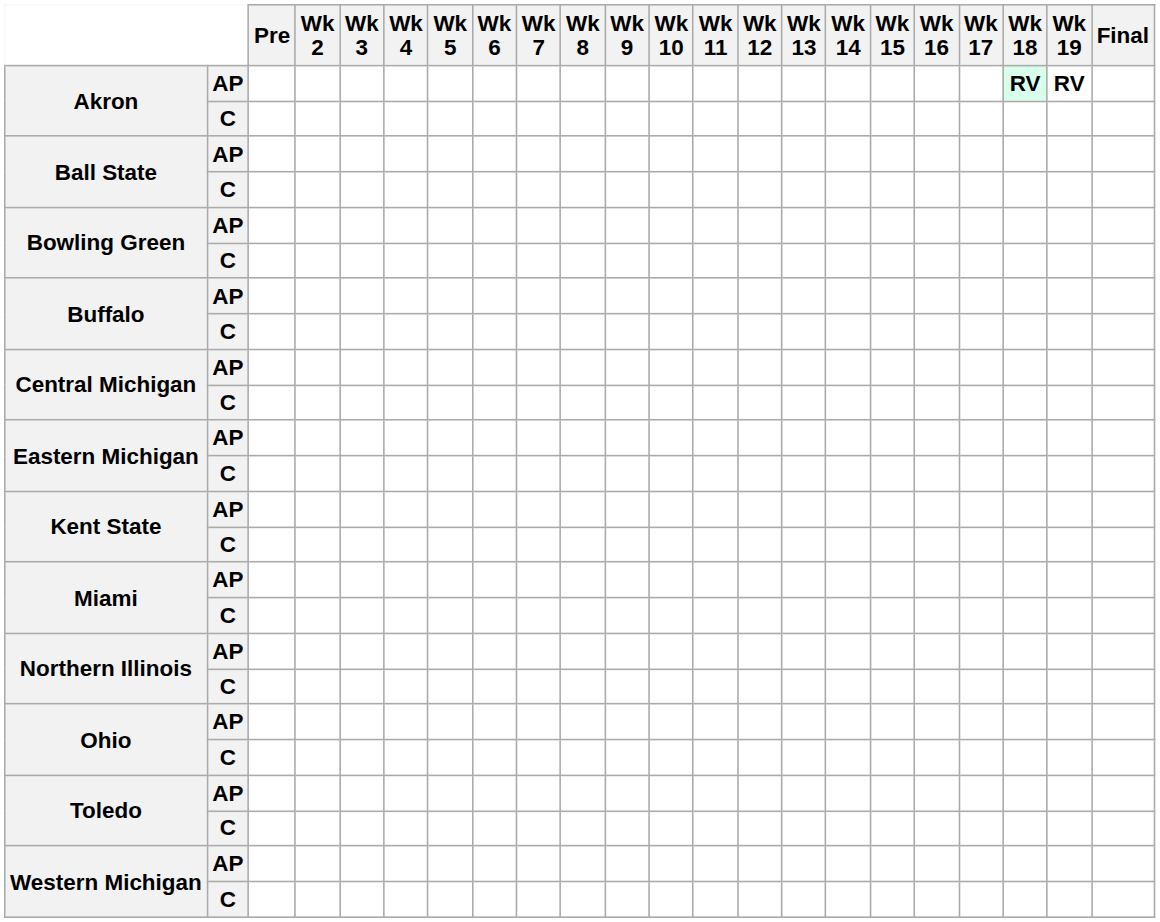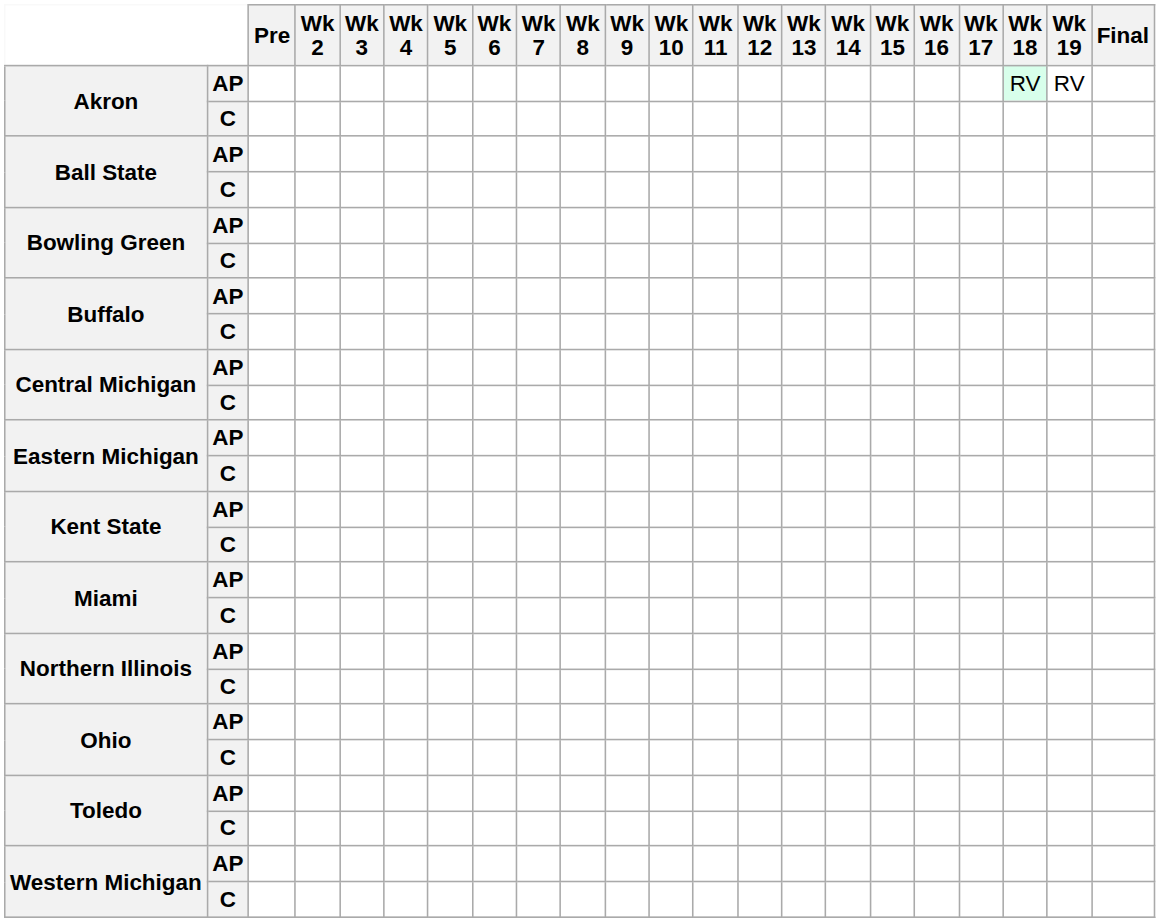 <table class="wikitable" style="white-space:nowrap;font-size:90%;">
 <tr>
 <th colspan=2 style="background:white; border-top-style:hidden; border-left-style:hidden;"> </th>
 <th>Pre</th>
 <th>Wk<br>2</th>
 <th>Wk<br>3</th>
 <th>Wk<br>4</th>
 <th>Wk<br>5</th>
 <th>Wk<br>6</th>
 <th>Wk<br>7</th>
 <th>Wk<br>8</th>
 <th>Wk<br>9</th>
 <th>Wk<br>10</th>
 <th>Wk<br>11</th>
 <th>Wk<br>12</th>
 <th>Wk<br>13</th>
 <th>Wk<br>14</th>
 <th>Wk<br>15</th>
 <th>Wk<br>16</th>
 <th>Wk<br>17</th>
 <th>Wk<br>18</th>
 <th>Wk<br>19</th>
 <th>Final</th>
 </tr>
 <tr style="text-align:center;">
 <th rowspan="2">Akron</th>
 <th>AP</th>
 <td style="background:#FFF;"></td>
 <td style="background:#FFF;"></td>
 <td style="background:#FFF;"></td>
 <td style="background:#FFF;"></td>
 <td style="background:#FFF;"></td>
 <td style="background:#FFF;"></td>
 <td style="background:#FFF;"></td>
 <td style="background:#FFF;"></td>
 <td style="background:#FFF;"></td>
 <td style="background:#FFF;"></td>
 <td style="background:#FFF;"></td>
 <td style="background:#FFF;"></td>
 <td style="background:#FFF;"></td>
 <td style="background:#FFF;"></td>
 <td style="background:#FFF;"></td>
 <td style="background:#FFF;"></td>
 <td style="background:#FFF;"></td>
-<td style="background:#d8ffeb;"><strong>RV</strong></td>
-<td style="background:#FFF;"><strong>RV</strong></td>
+<td style="background:#d8ffeb;">RV</td>
+<td style="background:#FFF;">RV</td>
 <td style="background:#FFF;"></td>
 </tr>
 <tr style="text-align:center;">
 <th>C</th>
 <td style="background:#FFF;"></td>
 <td style="background:#FFF;"></td>
 <td style="background:#FFF;"></td>
 <td style="background:#FFF;"></td>
 <td style="background:#FFF;"></td>
 <td style="background:#FFF;"></td>
 <td style="background:#FFF;"></td>
 <td style="background:#FFF;"></td>
 <td style="background:#FFF;"></td>
 <td style="background:#FFF;"></td>
 <td style="background:#FFF;"></td>
 <td style="background:#FFF;"></td>
 <td style="background:#FFF;"></td>
 <td style="background:#FFF;"></td>
 <td style="background:#FFF;"></td>
 <td style="background:#FFF;"></td>
 <td style="background:#FFF;"></td>
 <td style="background:#FFF;"></td>
 <td style="background:#FFF;"></td>
 <td style="background:#FFF;"></td>
 </tr>
 <tr style="text-align:center;">
 <th rowspan="2">Ball State</th>
 <th>AP</th>
 <td style="background:#FFF;"></td>
 <td style="background:#FFF;"></td>
 <td style="background:#FFF;"></td>
 <td style="background:#FFF;"></td>
 <td style="background:#FFF;"></td>
 <td style="background:#FFF;"></td>
 <td style="background:#FFF;"></td>
 <td style="background:#FFF;"></td>
 <td style="background:#FFF;"></td>
 <td style="background:#FFF;"></td>
 <td style="background:#FFF;"></td>
 <td style="background:#FFF;"></td>
 <td style="background:#FFF;"></td>
 <td style="background:#FFF;"></td>
 <td style="background:#FFF;"></td>
 <td style="background:#FFF;"></td>
 <td style="background:#FFF;"></td>
 <td style="background:#FFF;"></td>
 <td style="background:#FFF;"></td>
 <td style="background:#FFF;"></td>
 </tr>
 <tr style="text-align:center;">
 <th>C</th>
 <td style="background:#FFF;"></td>
 <td style="background:#FFF;"></td>
 <td style="background:#FFF;"></td>
 <td style="background:#FFF;"></td>
 <td style="background:#FFF;"></td>
 <td style="background:#FFF;"></td>
 <td style="background:#FFF;"></td>
 <td style="background:#FFF;"></td>
 <td style="background:#FFF;"></td>
 <td style="background:#FFF;"></td>
 <td style="background:#FFF;"></td>
 <td style="background:#FFF;"></td>
 <td style="background:#FFF;"></td>
 <td style="background:#FFF;"></td>
 <td style="background:#FFF;"></td>
 <td style="background:#FFF;"></td>
 <td style="background:#FFF;"></td>
 <td style="background:#FFF;"></td>
 <td style="background:#FFF;"></td>
 <td style="background:#FFF;"></td>
 </tr>
 <tr style="text-align:center;">
 <th rowspan="2">Bowling Green</th>
 <th>AP</th>
 <td style="background:#FFF;"></td>
 <td style="background:#FFF;"></td>
 <td style="background:#FFF;"></td>
 <td style="background:#FFF;"></td>
 <td style="background:#FFF;"></td>
 <td style="background:#FFF;"></td>
 <td style="background:#FFF;"></td>
 <td style="background:#FFF;"></td>
 <td style="background:#FFF;"></td>
 <td style="background:#FFF;"></td>
 <td style="background:#FFF;"></td>
 <td style="background:#FFF;"></td>
 <td style="background:#FFF;"></td>
 <td style="background:#FFF;"></td>
 <td style="background:#FFF;"></td>
 <td style="background:#FFF;"></td>
 <td style="background:#FFF;"></td>
 <td style="background:#FFF;"></td>
 <td style="background:#FFF;"></td>
 <td style="background:#FFF;"></td>
 </tr>
 <tr style="text-align:center;">
 <th>C</th>
 <td style="background:#FFF;"></td>
 <td style="background:#FFF;"></td>
 <td style="background:#FFF;"></td>
 <td style="background:#FFF;"></td>
 <td style="background:#FFF;"></td>
 <td style="background:#FFF;"></td>
 <td style="background:#FFF;"></td>
 <td style="background:#FFF;"></td>
 <td style="background:#FFF;"></td>
 <td style="background:#FFF;"></td>
 <td style="background:#FFF;"></td>
 <td style="background:#FFF;"></td>
 <td style="background:#FFF;"></td>
 <td style="background:#FFF;"></td>
 <td style="background:#FFF;"></td>
 <td style="background:#FFF;"></td>
 <td style="background:#FFF;"></td>
 <td style="background:#FFF;"></td>
 <td style="background:#FFF;"></td>
 <td style="background:#FFF;"></td>
 </tr>
 <tr style="text-align:center;">
 <th rowspan="2">Buffalo</th>
 <th>AP</th>
 <td style="background:#FFF;"></td>
 <td style="background:#FFF;"></td>
 <td style="background:#FFF;"></td>
 <td style="background:#FFF;"></td>
 <td style="background:#FFF;"></td>
 <td style="background:#FFF;"></td>
 <td style="background:#FFF;"></td>
 <td style="background:#FFF;"></td>
 <td style="background:#FFF;"></td>
 <td style="background:#FFF;"></td>
 <td style="background:#FFF;"></td>
 <td style="background:#FFF;"></td>
 <td style="background:#FFF;"></td>
 <td style="background:#FFF;"></td>
 <td style="background:#FFF;"></td>
 <td style="background:#FFF;"></td>
 <td style="background:#FFF;"></td>
 <td style="background:#FFF;"></td>
 <td style="background:#FFF;"></td>
 <td style="background:#FFF;"></td>
 </tr>
 <tr style="text-align:center;">
 <th>C</th>
 <td style="background:#FFF;"></td>
 <td style="background:#FFF;"></td>
 <td style="background:#FFF;"></td>
 <td style="background:#FFF;"></td>
 <td style="background:#FFF;"></td>
 <td style="background:#FFF;"></td>
 <td style="background:#FFF;"></td>
 <td style="background:#FFF;"></td>
 <td style="background:#FFF;"></td>
 <td style="background:#FFF;"></td>
 <td style="background:#FFF;"></td>
 <td style="background:#FFF;"></td>
 <td style="background:#FFF;"></td>
 <td style="background:#FFF;"></td>
 <td style="background:#FFF;"></td>
 <td style="background:#FFF;"></td>
 <td style="background:#FFF;"></td>
 <td style="background:#FFF;"></td>
 <td style="background:#FFF;"></td>
 <td style="background:#FFF;"></td>
 </tr>
 <tr style="text-align:center;">
 <th rowspan="2">Central Michigan</th>
 <th>AP</th>
 <td style="background:#FFF;"></td>
 <td style="background:#FFF;"></td>
 <td style="background:#FFF;"></td>
 <td style="background:#FFF;"></td>
 <td style="background:#FFF;"></td>
 <td style="background:#FFF;"></td>
 <td style="background:#FFF;"></td>
 <td style="background:#FFF;"></td>
 <td style="background:#FFF;"></td>
 <td style="background:#FFF;"></td>
 <td style="background:#FFF;"></td>
 <td style="background:#FFF;"></td>
 <td style="background:#FFF;"></td>
 <td style="background:#FFF;"></td>
 <td style="background:#FFF;"></td>
 <td style="background:#FFF;"></td>
 <td style="background:#FFF;"></td>
 <td style="background:#FFF;"></td>
 <td style="background:#FFF;"></td>
 <td style="background:#FFF;"></td>
 </tr>
 <tr style="text-align:center;">
 <th>C</th>
 <td style="background:#FFF;"></td>
 <td style="background:#FFF;"></td>
 <td style="background:#FFF;"></td>
 <td style="background:#FFF;"></td>
 <td style="background:#FFF;"></td>
 <td style="background:#FFF;"></td>
 <td style="background:#FFF;"></td>
 <td style="background:#FFF;"></td>
 <td style="background:#FFF;"></td>
 <td style="background:#FFF;"></td>
 <td style="background:#FFF;"></td>
 <td style="background:#FFF;"></td>
 <td style="background:#FFF;"></td>
 <td style="background:#FFF;"></td>
 <td style="background:#FFF;"></td>
 <td style="background:#FFF;"></td>
 <td style="background:#FFF;"></td>
 <td style="background:#FFF;"></td>
 <td style="background:#FFF;"></td>
 <td style="background:#FFF;"></td>
 </tr>
 <tr style="text-align:center;">
 <th rowspan="2">Eastern Michigan</th>
 <th>AP</th>
 <td style="background:#FFF;"></td>
 <td style="background:#FFF;"></td>
 <td style="background:#FFF;"></td>
 <td style="background:#FFF;"></td>
 <td style="background:#FFF;"></td>
 <td style="background:#FFF;"></td>
 <td style="background:#FFF;"></td>
 <td style="background:#FFF;"></td>
 <td style="background:#FFF;"></td>
 <td style="background:#FFF;"></td>
 <td style="background:#FFF;"></td>
 <td style="background:#FFF;"></td>
 <td style="background:#FFF;"></td>
 <td style="background:#FFF;"></td>
 <td style="background:#FFF;"></td>
 <td style="background:#FFF;"></td>
 <td style="background:#FFF;"></td>
 <td style="background:#FFF;"></td>
 <td style="background:#FFF;"></td>
 <td style="background:#FFF;"></td>
 </tr>
 <tr style="text-align:center;">
 <th>C</th>
 <td style="background:#FFF;"></td>
 <td style="background:#FFF;"></td>
 <td style="background:#FFF;"></td>
 <td style="background:#FFF;"></td>
 <td style="background:#FFF;"></td>
 <td style="background:#FFF;"></td>
 <td style="background:#FFF;"></td>
 <td style="background:#FFF;"></td>
 <td style="background:#FFF;"></td>
 <td style="background:#FFF;"></td>
 <td style="background:#FFF;"></td>
 <td style="background:#FFF;"></td>
 <td style="background:#FFF;"></td>
 <td style="background:#FFF;"></td>
 <td style="background:#FFF;"></td>
 <td style="background:#FFF;"></td>
 <td style="background:#FFF;"></td>
 <td style="background:#FFF;"></td>
 <td style="background:#FFF;"></td>
 <td style="background:#FFF;"></td>
 </tr>
 <tr style="text-align:center;">
 <th rowspan="2">Kent State</th>
 <th>AP</th>
 <td style="background:#FFF;"></td>
 <td style="background:#FFF;"></td>
 <td style="background:#FFF;"></td>
 <td style="background:#FFF;"></td>
 <td style="background:#FFF;"></td>
 <td style="background:#FFF;"></td>
 <td style="background:#FFF;"></td>
 <td style="background:#FFF;"></td>
 <td style="background:#FFF;"></td>
 <td style="background:#FFF;"></td>
 <td style="background:#FFF;"></td>
 <td style="background:#FFF;"></td>
 <td style="background:#FFF;"></td>
 <td style="background:#FFF;"></td>
 <td style="background:#FFF;"></td>
 <td style="background:#FFF;"></td>
 <td style="background:#FFF;"></td>
 <td style="background:#FFF;"></td>
 <td style="background:#FFF;"></td>
 <td style="background:#FFF;"></td>
 </tr>
 <tr style="text-align:center;">
 <th>C</th>
 <td style="background:#FFF;"></td>
 <td style="background:#FFF;"></td>
 <td style="background:#FFF;"></td>
 <td style="background:#FFF;"></td>
 <td style="background:#FFF;"></td>
 <td style="background:#FFF;"></td>
 <td style="background:#FFF;"></td>
 <td style="background:#FFF;"></td>
 <td style="background:#FFF;"></td>
 <td style="background:#FFF;"></td>
 <td style="background:#FFF;"></td>
 <td style="background:#FFF;"></td>
 <td style="background:#FFF;"></td>
 <td style="background:#FFF;"></td>
 <td style="background:#FFF;"></td>
 <td style="background:#FFF;"></td>
 <td style="background:#FFF;"></td>
 <td style="background:#FFF;"></td>
 <td style="background:#FFF;"></td>
 <td style="background:#FFF;"></td>
 </tr>
 <tr style="text-align:center;">
 <th rowspan="2">Miami</th>
 <th>AP</th>
 <td style="background:#FFF;"></td>
 <td style="background:#FFF;"></td>
 <td style="background:#FFF;"></td>
 <td style="background:#FFF;"></td>
 <td style="background:#FFF;"></td>
 <td style="background:#FFF;"></td>
 <td style="background:#FFF;"></td>
 <td style="background:#FFF;"></td>
 <td style="background:#FFF;"></td>
 <td style="background:#FFF;"></td>
 <td style="background:#FFF;"></td>
 <td style="background:#FFF;"></td>
 <td style="background:#FFF;"></td>
 <td style="background:#FFF;"></td>
 <td style="background:#FFF;"></td>
 <td style="background:#FFF;"></td>
 <td style="background:#FFF;"></td>
 <td style="background:#FFF;"></td>
 <td style="background:#FFF;"></td>
 <td style="background:#FFF;"></td>
 </tr>
 <tr style="text-align:center;">
 <th>C</th>
 <td style="background:#FFF;"></td>
 <td style="background:#FFF;"></td>
 <td style="background:#FFF;"></td>
 <td style="background:#FFF;"></td>
 <td style="background:#FFF;"></td>
 <td style="background:#FFF;"></td>
 <td style="background:#FFF;"></td>
 <td style="background:#FFF;"></td>
 <td style="background:#FFF;"></td>
 <td style="background:#FFF;"></td>
 <td style="background:#FFF;"></td>
 <td style="background:#FFF;"></td>
 <td style="background:#FFF;"></td>
 <td style="background:#FFF;"></td>
 <td style="background:#FFF;"></td>
 <td style="background:#FFF;"></td>
 <td style="background:#FFF;"></td>
 <td style="background:#FFF;"></td>
 <td style="background:#FFF;"></td>
 <td style="background:#FFF;"></td>
 </tr>
 <tr style="text-align:center;">
 <th rowspan="2">Northern Illinois</th>
 <th>AP</th>
 <td style="background:#FFF;"></td>
 <td style="background:#FFF;"></td>
 <td style="background:#FFF;"></td>
 <td style="background:#FFF;"></td>
 <td style="background:#FFF;"></td>
 <td style="background:#FFF;"></td>
 <td style="background:#FFF;"></td>
 <td style="background:#FFF;"></td>
 <td style="background:#FFF;"></td>
 <td style="background:#FFF;"></td>
 <td style="background:#FFF;"></td>
 <td style="background:#FFF;"></td>
 <td style="background:#FFF;"></td>
 <td style="background:#FFF;"></td>
 <td style="background:#FFF;"></td>
 <td style="background:#FFF;"></td>
 <td style="background:#FFF;"></td>
 <td style="background:#FFF;"></td>
 <td style="background:#FFF;"></td>
 <td style="background:#FFF;"></td>
 </tr>
 <tr style="text-align:center;">
 <th>C</th>
 <td style="background:#FFF;"></td>
 <td style="background:#FFF;"></td>
 <td style="background:#FFF;"></td>
 <td style="background:#FFF;"></td>
 <td style="background:#FFF;"></td>
 <td style="background:#FFF;"></td>
 <td style="background:#FFF;"></td>
 <td style="background:#FFF;"></td>
 <td style="background:#FFF;"></td>
 <td style="background:#FFF;"></td>
 <td style="background:#FFF;"></td>
 <td style="background:#FFF;"></td>
 <td style="background:#FFF;"></td>
 <td style="background:#FFF;"></td>
 <td style="background:#FFF;"></td>
 <td style="background:#FFF;"></td>
 <td style="background:#FFF;"></td>
 <td style="background:#FFF;"></td>
 <td style="background:#FFF;"></td>
 <td style="background:#FFF;"></td>
 </tr>
 <tr style="text-align:center;">
 <th rowspan="2">Ohio</th>
 <th>AP</th>
 <td style="background:#FFF;"></td>
 <td style="background:#FFF;"></td>
 <td style="background:#FFF;"></td>
 <td style="background:#FFF;"></td>
 <td style="background:#FFF;"></td>
 <td style="background:#FFF;"></td>
 <td style="background:#FFF;"></td>
 <td style="background:#FFF;"></td>
 <td style="background:#FFF;"></td>
 <td style="background:#FFF;"></td>
 <td style="background:#FFF;"></td>
 <td style="background:#FFF;"></td>
 <td style="background:#FFF;"></td>
 <td style="background:#FFF;"></td>
 <td style="background:#FFF;"></td>
 <td style="background:#FFF;"></td>
 <td style="background:#FFF;"></td>
 <td style="background:#FFF;"></td>
 <td style="background:#FFF;"></td>
 <td style="background:#FFF;"></td>
 </tr>
 <tr style="text-align:center;">
 <th>C</th>
 <td style="background:#FFF;"></td>
 <td style="background:#FFF;"></td>
 <td style="background:#FFF;"></td>
 <td style="background:#FFF;"></td>
 <td style="background:#FFF;"></td>
 <td style="background:#FFF;"></td>
 <td style="background:#FFF;"></td>
 <td style="background:#FFF;"></td>
 <td style="background:#FFF;"></td>
 <td style="background:#FFF;"></td>
 <td style="background:#FFF;"></td>
 <td style="background:#FFF;"></td>
 <td style="background:#FFF;"></td>
 <td style="background:#FFF;"></td>
 <td style="background:#FFF;"></td>
 <td style="background:#FFF;"></td>
 <td style="background:#FFF;"></td>
 <td style="background:#FFF;"></td>
 <td style="background:#FFF;"></td>
 <td style="background:#FFF;"></td>
 </tr>
 <tr style="text-align:center;">
 <th rowspan="2">Toledo</th>
 <th>AP</th>
 <td style="background:#FFF;"></td>
 <td style="background:#FFF;"></td>
 <td style="background:#FFF;"></td>
 <td style="background:#FFF;"></td>
 <td style="background:#FFF;"></td>
 <td style="background:#FFF;"></td>
 <td style="background:#FFF;"></td>
 <td style="background:#FFF;"></td>
 <td style="background:#FFF;"></td>
 <td style="background:#FFF;"></td>
 <td style="background:#FFF;"></td>
 <td style="background:#FFF;"></td>
 <td style="background:#FFF;"></td>
 <td style="background:#FFF;"></td>
 <td style="background:#FFF;"></td>
 <td style="background:#FFF;"></td>
 <td style="background:#FFF;"></td>
 <td style="background:#FFF;"></td>
 <td style="background:#FFF;"></td>
 <td style="background:#FFF;"></td>
 </tr>
 <tr style="text-align:center;">
 <th>C</th>
 <td style="background:#FFF;"></td>
 <td style="background:#FFF;"></td>
 <td style="background:#FFF;"></td>
 <td style="background:#FFF;"></td>
 <td style="background:#FFF;"></td>
 <td style="background:#FFF;"></td>
 <td style="background:#FFF;"></td>
 <td style="background:#FFF;"></td>
 <td style="background:#FFF;"></td>
 <td style="background:#FFF;"></td>
 <td style="background:#FFF;"></td>
 <td style="background:#FFF;"></td>
 <td style="background:#FFF;"></td>
 <td style="background:#FFF;"></td>
 <td style="background:#FFF;"></td>
 <td style="background:#FFF;"></td>
 <td style="background:#FFF;"></td>
 <td style="background:#FFF;"></td>
 <td style="background:#FFF;"></td>
 <td style="background:#FFF;"></td>
 </tr>
 <tr style="text-align:center;">
 <th rowspan="2">Western Michigan</th>
 <th>AP</th>
 <td style="background:#FFF;"></td>
 <td style="background:#FFF;"></td>
 <td style="background:#FFF;"></td>
 <td style="background:#FFF;"></td>
 <td style="background:#FFF;"></td>
 <td style="background:#FFF;"></td>
 <td style="background:#FFF;"></td>
 <td style="background:#FFF;"></td>
 <td style="background:#FFF;"></td>
 <td style="background:#FFF;"></td>
 <td style="background:#FFF;"></td>
 <td style="background:#FFF;"></td>
 <td style="background:#FFF;"></td>
 <td style="background:#FFF;"></td>
 <td style="background:#FFF;"></td>
 <td style="background:#FFF;"></td>
 <td style="background:#FFF;"></td>
 <td style="background:#FFF;"></td>
 <td style="background:#FFF;"></td>
 <td style="background:#FFF;"></td>
 </tr>
 <tr style="text-align:center;">
 <th>C</th>
 <td style="background:#FFF;"></td>
 <td style="background:#FFF;"></td>
 <td style="background:#FFF;"></td>
 <td style="background:#FFF;"></td>
 <td style="background:#FFF;"></td>
 <td style="background:#FFF;"></td>
 <td style="background:#FFF;"></td>
 <td style="background:#FFF;"></td>
 <td style="background:#FFF;"></td>
 <td style="background:#FFF;"></td>
 <td style="background:#FFF;"></td>
 <td style="background:#FFF;"></td>
 <td style="background:#FFF;"></td>
 <td style="background:#FFF;"></td>
 <td style="background:#FFF;"></td>
 <td style="background:#FFF;"></td>
 <td style="background:#FFF;"></td>
 <td style="background:#FFF;"></td>
 <td style="background:#FFF;"></td>
 <td style="background:#FFF;"></td>
 </tr>
 <tr style="text-align:center;">
 </tr>
 </table>
